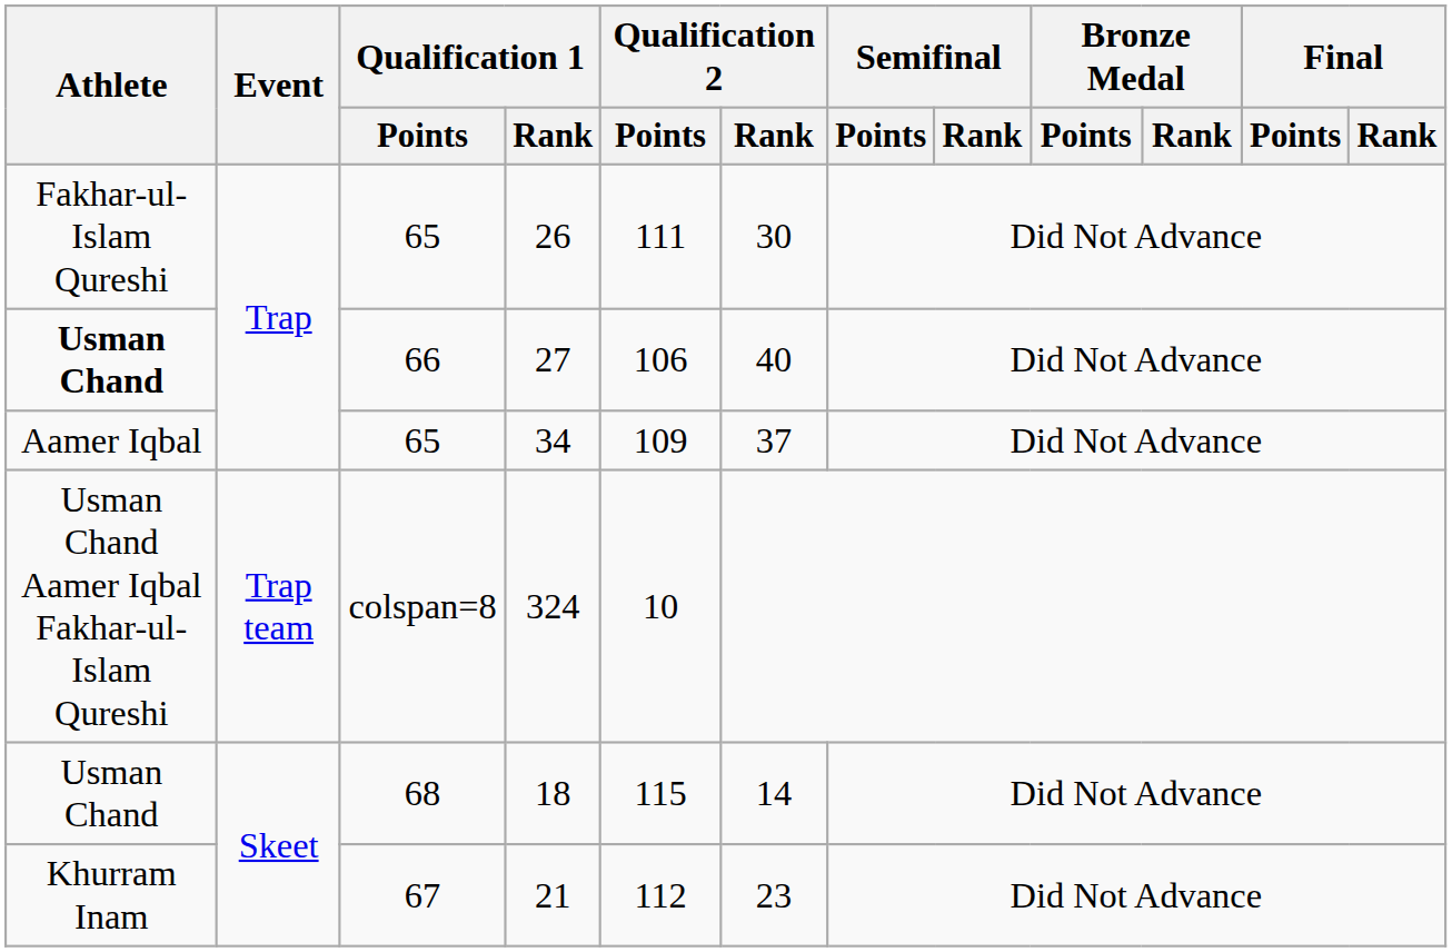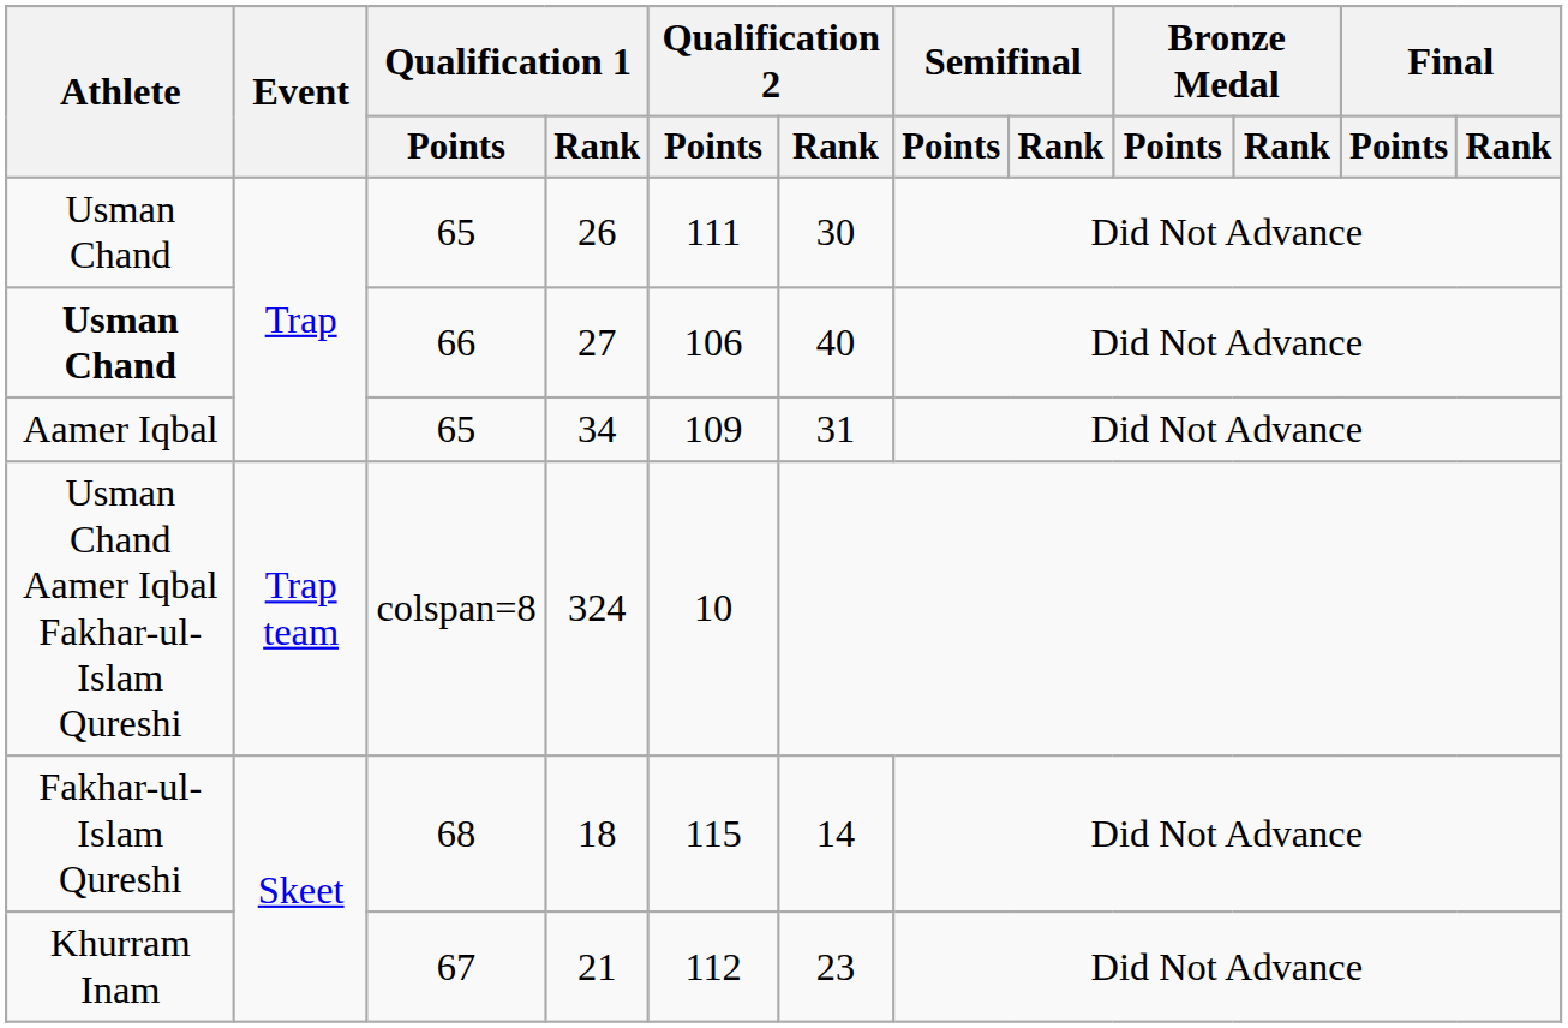 <table class=wikitable style="text-align:center; font-size:95%">
 <tr>
 <th rowspan=2>Athlete</th>
 <th rowspan=2>Event</th>
 <th colspan=2>Qualification 1</th>
 <th colspan=2>Qualification 2</th>
 <th colspan=2>Semifinal</th>
 <th colspan=2>Bronze Medal</th>
 <th colspan=2>Final</th>
 </tr>
 <tr style="font-size:95%">
 <th>Points</th>
 <th>Rank</th>
 <th>Points</th>
 <th>Rank</th>
 <th>Points</th>
 <th>Rank</th>
 <th>Points</th>
 <th>Rank</th>
 <th>Points</th>
 <th>Rank</th>
 </tr>
 <tr>
-<td>Fakhar-ul-Islam Qureshi</td>
+<td>Usman Chand</td>
 <td rowspan=3><a href='#'>Trap</a></td>
 <td>65</td>
 <td>26</td>
 <td>111</td>
 <td>30</td>
 <td style="text-align:center;" colspan=6>Did Not Advance</td>
 </tr>
 <tr>
 <td><strong>Usman Chand</strong></td>
 <td>66</td>
 <td>27</td>
 <td>106</td>
 <td>40</td>
 <td style="text-align:center;" colspan=6>Did Not Advance</td>
 </tr>
 <tr>
 <td>Aamer Iqbal</td>
 <td>65</td>
 <td>34</td>
 <td>109</td>
-<td>37</td>
+<td>31</td>
 <td style="text-align:center;" colspan=6>Did Not Advance</td>
 </tr>
 <tr>
 <td>Usman Chand<br>Aamer Iqbal<br>Fakhar-ul-Islam Qureshi</td>
 <td><a href='#'>Trap team</a></td>
 <td>colspan=8 </td>
 <td>324</td>
 <td>10</td>
 </tr>
 <tr>
-<td>Usman Chand</td>
+<td>Fakhar-ul-Islam Qureshi</td>
 <td rowspan=2><a href='#'>Skeet</a></td>
 <td>68</td>
 <td>18</td>
 <td>115</td>
 <td>14</td>
 <td Colspan=6>Did Not Advance</td>
 </tr>
 <tr>
 <td>Khurram Inam</td>
 <td>67</td>
 <td>21</td>
 <td>112</td>
 <td>23</td>
 <td Colspan=6>Did Not Advance</td>
 </tr>
 </table>
